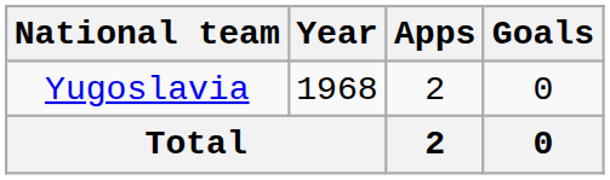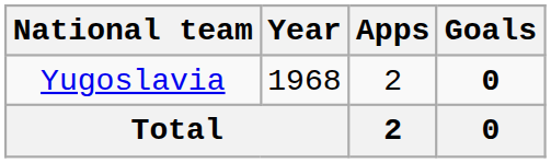 <table class="wikitable" style="text-align:center">
 <tr>
 <th>National team</th>
 <th>Year</th>
 <th>Apps</th>
 <th>Goals</th>
 </tr>
 <tr>
 <td><a href='#'>Yugoslavia</a></td>
 <td>1968</td>
 <td>2</td>
-<td>0</td>
+<td><strong>0</strong></td>
 </tr>
 <tr>
 <th colspan="2">Total</th>
 <th>2</th>
 <th>0</th>
 </tr>
 </table>
